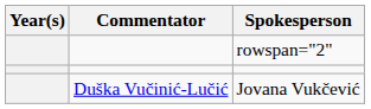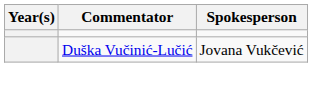 <table class="wikitable sortable plainrowheaders" style="font-size:95%; text-align: left;">
 <tr>
 <th scope="col">Year(s)</th>
 <th scope="col">Commentator</th>
 <th scope="col">Spokesperson</th>
-</tr>
-<tr>
-<th scope="row" style="text-align:center;"></th>
-<td></td>
-<td>rowspan="2" </td>
 </tr>
 <tr>
 <th scope="row" style="text-align:center;"></th>
 <td></td>
 </tr>
 <tr>
 <th scope="row" style="text-align:center;"></th>
 <td><a href='#'>Duška Vučinić-Lučić</a></td>
 <td>Jovana Vukčević</td>
 </tr>
 </table>
